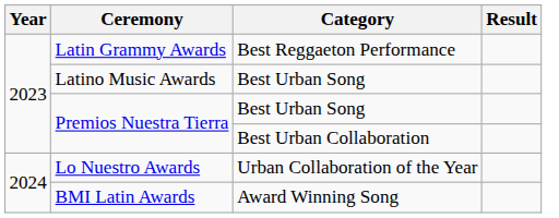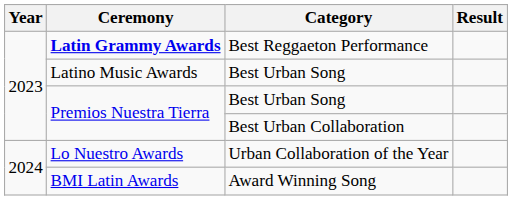 <table class="wikitable plainrowheaders">
 <tr>
 <th scope="col">Year</th>
 <th scope="col">Ceremony</th>
 <th scope="col">Category</th>
 <th scope="col">Result</th>
 </tr>
 <tr>
 <td rowspan="4">2023</td>
-<td><a href='#'>Latin Grammy Awards</a></td>
+<td><strong><a href='#'>Latin Grammy Awards</a></strong></td>
 <td>Best Reggaeton Performance</td>
 <td></td>
 </tr>
 <tr>
 <td>Latino Music Awards</td>
 <td>Best Urban Song</td>
 <td></td>
 </tr>
 <tr>
 <td rowspan="2"><a href='#'>Premios Nuestra Tierra</a></td>
 <td>Best Urban Song</td>
 <td></td>
 </tr>
 <tr>
 <td>Best Urban Collaboration</td>
 <td></td>
 </tr>
 <tr>
 <td rowspan="2">2024</td>
 <td><a href='#'>Lo Nuestro Awards</a></td>
 <td>Urban Collaboration of the Year</td>
 <td></td>
 </tr>
 <tr>
 <td><a href='#'>BMI Latin Awards</a></td>
 <td>Award Winning Song</td>
 <td></td>
 </tr>
 </table>
